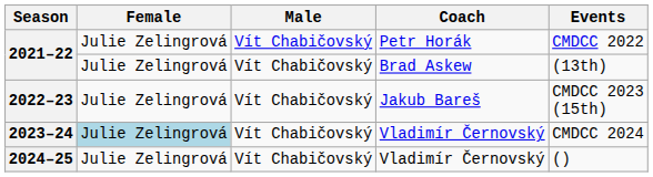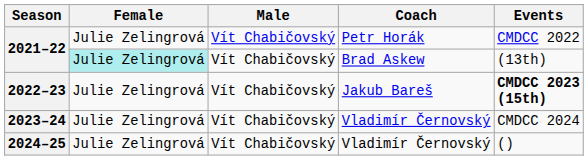 <table class="wikitable">
 <tr>
 <th scope="col">Season</th>
 <th scope="col">Female</th>
 <th scope="col">Male</th>
 <th scope="col">Coach</th>
 <th scope="col">Events</th>
 </tr>
 <tr>
 <th scope="row" rowspan="2">2021–22</th>
 <td>Julie Zelingrová</td>
 <td><a href='#'>Vít Chabičovský</a></td>
 <td><a href='#'>Petr Horák</a></td>
 <td><a href='#'>CMDCC</a> 2022 </td>
 </tr>
 <tr>
-<td>Julie Zelingrová</td>
+<td style="background: paleturquoise;">Julie Zelingrová</td>
 <td>Vít Chabičovský</td>
 <td><a href='#'>Brad Askew</a></td>
 <td> (13th)</td>
 </tr>
 <tr>
 <th scope="row">2022–23</th>
 <td>Julie Zelingrová</td>
 <td>Vít Chabičovský</td>
 <td><a href='#'>Jakub Bareš</a></td>
-<td>CMDCC 2023  <br>  (15th)</td>
+<td><strong>CMDCC 2023  <br>  (15th)</strong></td>
 </tr>
 <tr>
 <th scope="row">2023–24</th>
-<td style="background: lightblue;">Julie Zelingrová</td>
+<td>Julie Zelingrová</td>
 <td>Vít Chabičovský</td>
 <td><a href='#'>Vladimír Černovský</a></td>
 <td>CMDCC 2024 </td>
 </tr>
 <tr>
 <th scope="row">2024–25</th>
 <td>Julie Zelingrová</td>
 <td>Vít Chabičovský</td>
 <td>Vladimír Černovský</td>
 <td> ()</td>
 </tr>
 </table>
